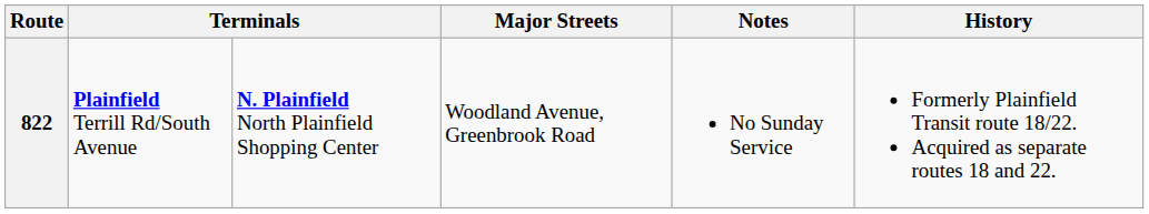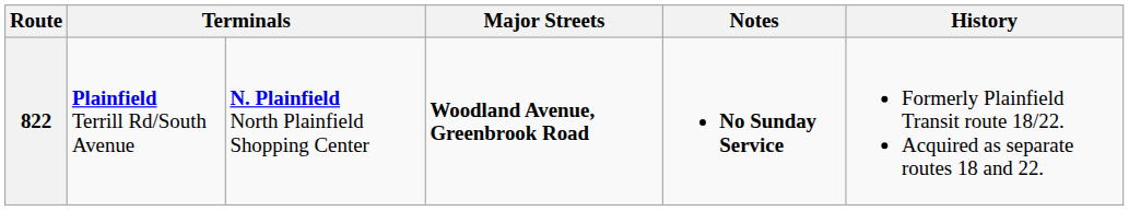 <table class="wikitable">
 <tr>
 <th>Route</th>
 <th colspan=2>Terminals</th>
 <th>Major Streets</th>
 <th>Notes</th>
 <th>History</th>
 </tr>
 <tr>
 <th>822</th>
 <td><strong><a href='#'>Plainfield</a></strong><br>Terrill Rd/South Avenue</td>
 <td><strong><a href='#'>N. Plainfield</a></strong><br>North Plainfield Shopping Center</td>
-<td>Woodland Avenue, Greenbrook Road</td>
-<td><br><ul><li>No Sunday Service</li></ul></td>
+<td><strong>Woodland Avenue, Greenbrook Road</strong></td>
+<td><strong><br><ul><li>No Sunday Service</li></ul></strong></td>
 <td><br><ul><li>Formerly Plainfield Transit route 18/22.</li><li>Acquired as separate routes 18 and 22.</li></ul></td>
 </tr>
 </table>
